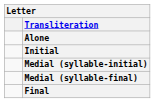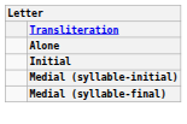 <table class="wikitable" style="text-align: center; display: inline-table;">
 <tr>
 <th colspan="2" style="text-align: left">Letter</th>
 </tr>
 <tr>
 <th style="min-width: 1.75em"></th>
 <th style="text-align: left"><a href='#'>Transliteration</a></th>
 </tr>
 <tr>
 <td></td>
 <th style="text-align: left">Alone</th>
 </tr>
 <tr>
 <td></td>
 <th style="text-align: left">Initial</th>
 </tr>
 <tr>
 <td></td>
 <th style="text-align: left">Medial (syllable-initial)</th>
 </tr>
 <tr>
 <td></td>
 <th style="text-align: left">Medial (syllable-final)</th>
 </tr>
-<tr>
-<td></td>
-<th style="text-align: left">Final</th>
-</tr>
 </table>
